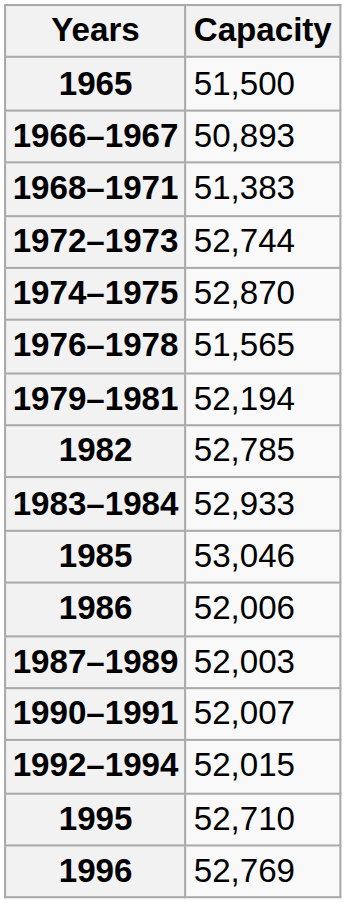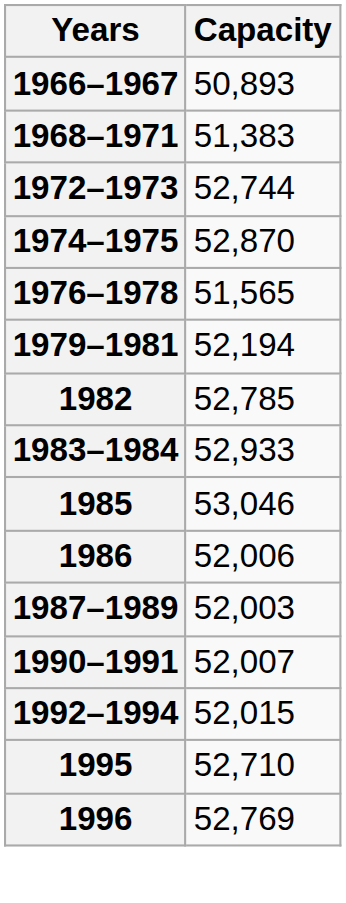 <table class="wikitable">
 <tr>
 <th scope="row">Years</th>
 <th scope="row">Capacity</th>
-</tr>
-<tr>
-<th scope="row">1965</th>
-<td>51,500</td>
 </tr>
 <tr>
 <th scope="row">1966–1967</th>
 <td>50,893</td>
 </tr>
 <tr>
 <th scope="row">1968–1971</th>
 <td>51,383</td>
 </tr>
 <tr>
 <th scope="row">1972–1973</th>
 <td>52,744</td>
 </tr>
 <tr>
 <th scope="row">1974–1975</th>
 <td>52,870</td>
 </tr>
 <tr>
 <th scope="row">1976–1978</th>
 <td>51,565</td>
 </tr>
 <tr>
 <th scope="row">1979–1981</th>
 <td>52,194</td>
 </tr>
 <tr>
 <th scope="row">1982</th>
 <td>52,785</td>
 </tr>
 <tr>
 <th scope="row">1983–1984</th>
 <td>52,933</td>
 </tr>
 <tr>
 <th scope="row">1985</th>
 <td>53,046</td>
 </tr>
 <tr>
 <th scope="row">1986</th>
 <td>52,006</td>
 </tr>
 <tr>
 <th scope="row">1987–1989</th>
 <td>52,003</td>
 </tr>
 <tr>
 <th scope="row">1990–1991</th>
 <td>52,007</td>
 </tr>
 <tr>
 <th scope="row">1992–1994</th>
 <td>52,015</td>
 </tr>
 <tr>
 <th scope="row">1995</th>
 <td>52,710</td>
 </tr>
 <tr>
 <th scope="row">1996</th>
 <td>52,769</td>
 </tr>
 </table>
